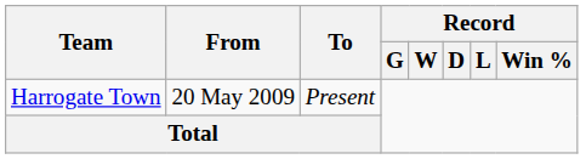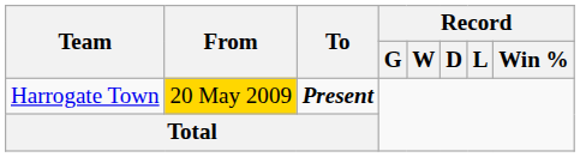 <table class="wikitable" style="text-align:centre">
 <tr>
 <th rowspan=2>Team</th>
 <th rowspan=2>From</th>
 <th rowspan=2>To</th>
 <th colspan=8>Record</th>
 </tr>
 <tr>
 <th>G</th>
 <th>W</th>
 <th>D</th>
 <th>L</th>
 <th>Win %</th>
 </tr>
 <tr>
 <td align=left><a href='#'>Harrogate Town</a></td>
-<td align=left>20 May 2009</td>
-<td align=left><em>Present</em><br></td>
+<td align=left style="background: gold;">20 May 2009</td>
+<td align=left><strong><em>Present</em><br></strong></td>
 </tr>
 <tr>
 <th colspan="3">Total<br></th>
 </tr>
 </table>
